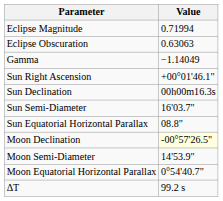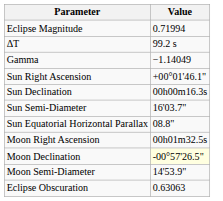 <table class="wikitable">
 <tr>
 <th>Parameter</th>
 <th>Value</th>
 </tr>
 <tr>
 <td>Eclipse Magnitude</td>
 <td>0.71994</td>
 </tr>
 <tr>
-<td>Eclipse Obscuration</td>
-<td>0.63063</td>
+<td>ΔT</td>
+<td>99.2 s</td>
 </tr>
 <tr>
 <td>Gamma</td>
 <td>−1.14049</td>
 </tr>
 <tr>
 <td>Sun Right Ascension</td>
 <td>+00°01'46.1"</td>
 </tr>
 <tr>
 <td>Sun Declination</td>
 <td>00h00m16.3s</td>
 </tr>
 <tr>
 <td>Sun Semi-Diameter</td>
 <td>16'03.7"</td>
 </tr>
 <tr>
 <td>Sun Equatorial Horizontal Parallax</td>
 <td>08.8"</td>
 </tr>
 <tr>
+<td>Moon Right Ascension</td>
+<td>00h01m32.5s</td>
+</tr>
+<tr>
 <td>Moon Declination</td>
 <td style="background: lightyellow;">-00°57'26.5"</td>
 </tr>
 <tr>
 <td>Moon Semi-Diameter</td>
 <td>14'53.9"</td>
 </tr>
 <tr>
-<td>Moon Equatorial Horizontal Parallax</td>
-<td>0°54'40.7"</td>
-</tr>
-<tr>
-<td>ΔT</td>
-<td>99.2 s</td>
+<td>Eclipse Obscuration</td>
+<td>0.63063</td>
 </tr>
 </table>
